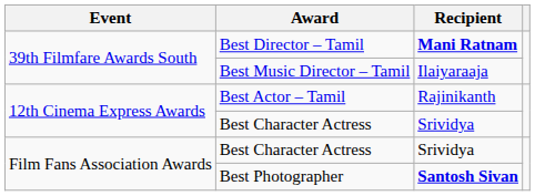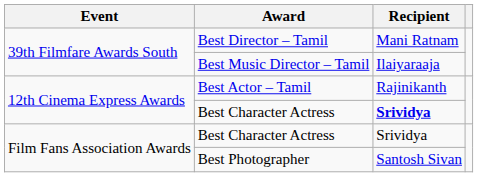 <table class="wikitable">
 <tr>
 <th>Event</th>
 <th>Award</th>
 <th>Recipient</th>
 <th></th>
 </tr>
 <tr>
 <td rowspan="2"><a href='#'>39th Filmfare Awards South</a></td>
 <td><a href='#'>Best Director – Tamil</a></td>
-<td><strong><a href='#'>Mani Ratnam</a></strong></td>
+<td><a href='#'>Mani Ratnam</a></td>
 <td rowspan="2" style="text-align: center;"></td>
 </tr>
 <tr>
 <td><a href='#'>Best Music Director – Tamil</a></td>
 <td><a href='#'>Ilaiyaraaja</a></td>
 </tr>
 <tr>
 <td rowspan="2"><a href='#'>12th Cinema Express Awards</a></td>
 <td><a href='#'>Best Actor – Tamil</a></td>
 <td><a href='#'>Rajinikanth</a></td>
 <td rowspan="2" style="text-align: center;"></td>
 </tr>
 <tr>
 <td>Best Character Actress</td>
-<td><a href='#'>Srividya</a></td>
+<td><strong><a href='#'>Srividya</a></strong></td>
 </tr>
 <tr>
 <td rowspan="2">Film Fans Association Awards</td>
 <td>Best Character Actress</td>
 <td>Srividya</td>
 <td rowspan="2" style="text-align: center;"></td>
 </tr>
 <tr>
 <td>Best Photographer</td>
-<td><strong><a href='#'>Santosh Sivan</a></strong></td>
+<td><a href='#'>Santosh Sivan</a></td>
 </tr>
 </table>
